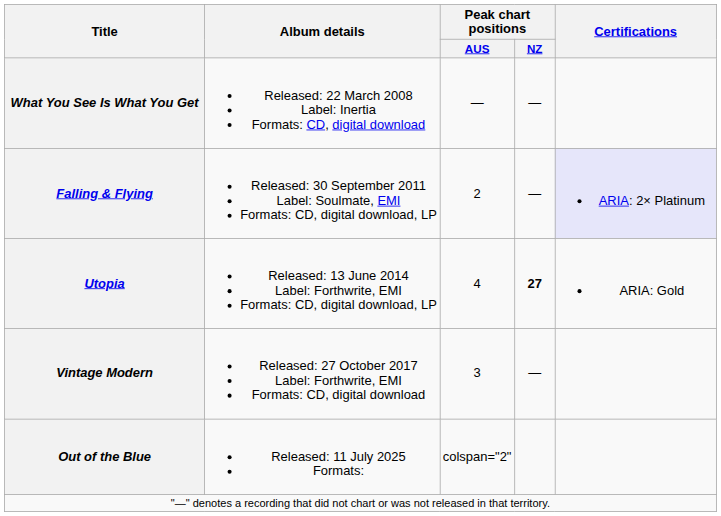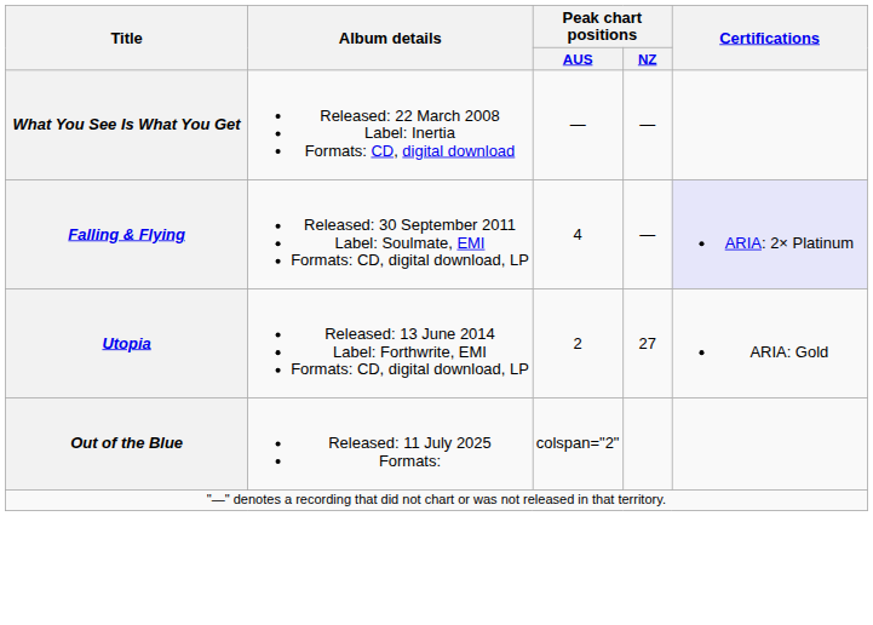 <table class="wikitable plainrowheaders" style="text-align:center;" border="1">
 <tr>
 <th scope="col" rowspan="2" style="width:15em;">Title</th>
 <th scope="col" rowspan="2">Album details</th>
 <th scope="col" colspan="2">Peak chart positions</th>
 <th scope="col" rowspan="2" style="width:12em;"><a href='#'>Certifications</a></th>
 </tr>
 <tr>
 <th scope="col" style="width:3em;font-size:90%;"><a href='#'>AUS</a><br></th>
 <th scope="col" style="width:3em;font-size:90%;"><a href='#'>NZ</a><br></th>
 </tr>
 <tr>
 <th scope="row"><em>What You See Is What You Get</em></th>
 <td><br><ul><li>Released: 22 March 2008</li><li>Label: Inertia</li><li>Formats: <a href='#'>CD</a>, <a href='#'>digital download</a></li></ul></td>
 <td>—</td>
 <td>—</td>
 <td></td>
 </tr>
 <tr>
 <th scope="row"><em><a href='#'>Falling & Flying</a></em></th>
 <td><br><ul><li>Released: 30 September 2011</li><li>Label: Soulmate, <a href='#'>EMI</a></li><li>Formats: CD, digital download, LP</li></ul></td>
-<td>2</td>
+<td>4</td>
 <td>—</td>
 <td style="background: lavender;"><br><ul><li><a href='#'>ARIA</a>: 2× Platinum</li></ul></td>
 </tr>
 <tr>
 <th scope="row"><em><a href='#'>Utopia</a></em></th>
 <td><br><ul><li>Released: 13 June 2014</li><li>Label: Forthwrite, EMI</li><li>Formats: CD, digital download, LP</li></ul></td>
-<td>4</td>
-<td><strong>27</strong></td>
+<td>2</td>
+<td>27</td>
 <td><br><ul><li>ARIA: Gold</li></ul></td>
-</tr>
-<tr>
-<th scope="row"><em>Vintage Modern</em></th>
-<td><br><ul><li>Released: 27 October 2017</li><li>Label: Forthwrite, EMI</li><li>Formats: CD, digital download</li></ul></td>
-<td>3<br></td>
-<td>—</td>
-<td></td>
 </tr>
 <tr>
 <th scope="row"><em>Out of the Blue</em></th>
 <td><br><ul><li>Released: 11 July 2025</li><li>Formats:</li></ul></td>
 <td>colspan="2" </td>
 <td></td>
 </tr>
 <tr>
 <td colspan="5" style="font-size:85%">"—" denotes a recording that did not chart or was not released in that territory.</td>
 </tr>
 </table>
